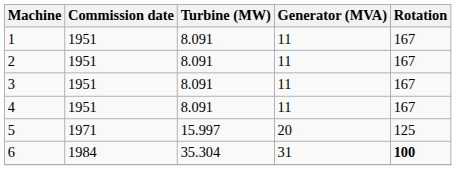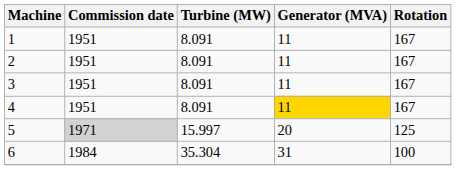 <table class="wikitable sortable">
 <tr>
 <th>Machine</th>
 <th>Commission date</th>
 <th>Turbine (MW)</th>
 <th>Generator (MVA)</th>
 <th>Rotation</th>
 </tr>
 <tr>
 <td>1</td>
 <td>1951</td>
 <td>8.091</td>
 <td>11</td>
 <td>167</td>
 </tr>
 <tr>
 <td>2</td>
 <td>1951</td>
 <td>8.091</td>
 <td>11</td>
 <td>167</td>
 </tr>
 <tr>
 <td>3</td>
 <td>1951</td>
 <td>8.091</td>
 <td>11</td>
 <td>167</td>
 </tr>
 <tr>
 <td>4</td>
 <td>1951</td>
 <td>8.091</td>
-<td>11</td>
+<td style="background: gold;">11</td>
 <td>167</td>
 </tr>
 <tr>
 <td>5</td>
-<td>1971</td>
+<td style="background: lightgrey;">1971</td>
 <td>15.997</td>
 <td>20</td>
 <td>125</td>
 </tr>
 <tr>
 <td>6</td>
 <td>1984</td>
 <td>35.304</td>
 <td>31</td>
-<td><strong>100</strong></td>
+<td>100</td>
 </tr>
 <tr>
 </tr>
 </table>
